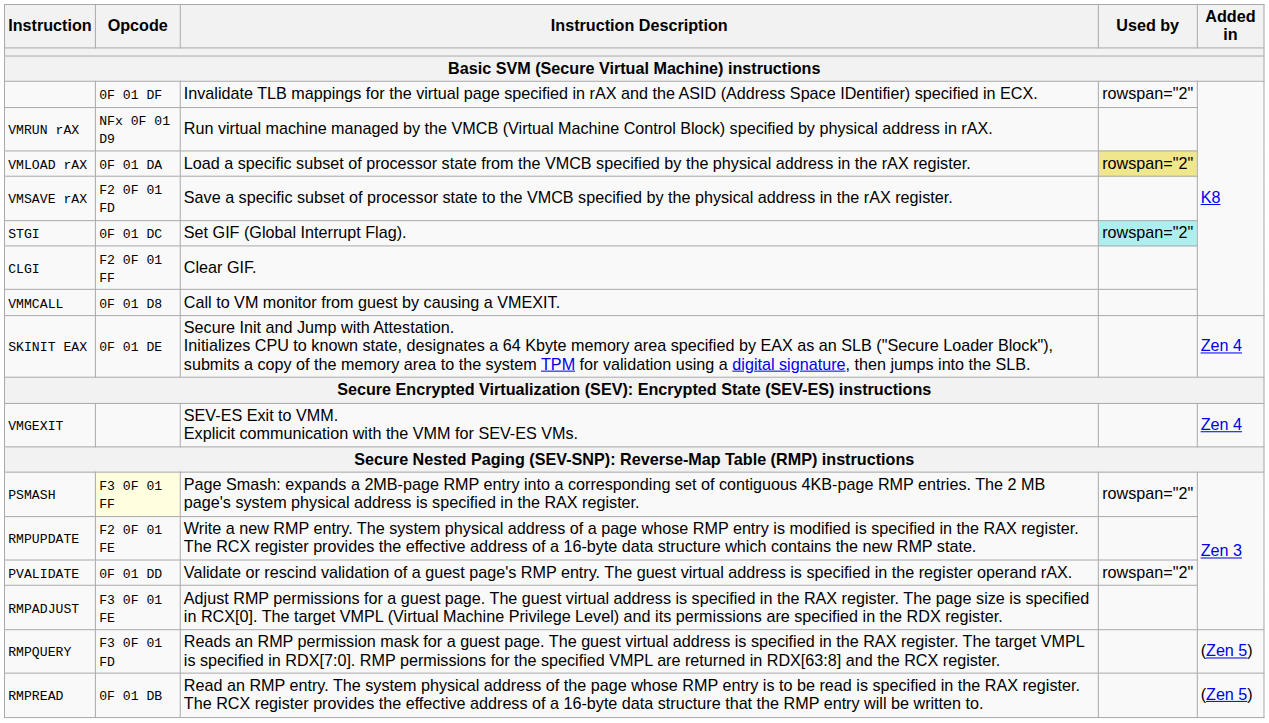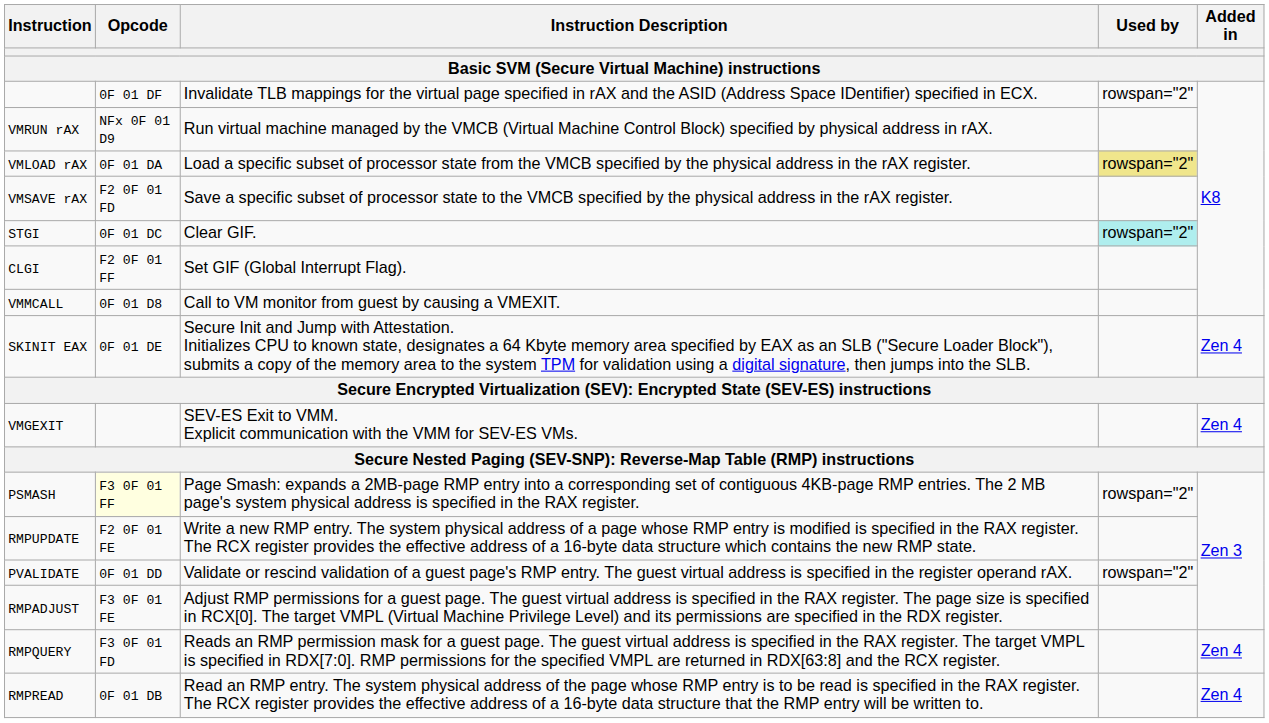 <table class="wikitable sortable">
 <tr>
 <th>Instruction</th>
 <th>Opcode</th>
 <th>Instruction Description</th>
 <th>Used by</th>
 <th>Added in</th>
 </tr>
 <tr>
 <th colspan="5"></th>
 </tr>
 <tr>
 <th colspan="5">Basic SVM (Secure Virtual Machine) instructions</th>
 </tr>
 <tr>
 <td></td>
 <td><code>0F 01 DF</code></td>
 <td>Invalidate TLB mappings for the virtual page specified in rAX and the ASID (Address Space IDentifier) specified in ECX.</td>
 <td>rowspan="2" </td>
 <td rowspan="7"><a href='#'>K8</a></td>
 </tr>
 <tr>
 <td><code>VMRUN rAX</code></td>
 <td><code>NFx 0F 01 D9</code></td>
 <td>Run virtual machine managed by the VMCB (Virtual Machine Control Block) specified by physical address in rAX.</td>
 </tr>
 <tr>
 <td><code>VMLOAD rAX</code></td>
 <td><code>0F 01 DA</code></td>
 <td>Load a specific subset of processor state from the VMCB specified by the physical address in the rAX register.</td>
 <td style="background: khaki;">rowspan="2" </td>
 </tr>
 <tr>
 <td><code>VMSAVE rAX</code></td>
 <td><code>F2 0F 01 FD</code></td>
 <td>Save a specific subset of processor state to the VMCB specified by the physical address in the rAX register.</td>
 </tr>
 <tr>
 <td><code>STGI</code></td>
 <td><code>0F 01 DC</code></td>
-<td>Set GIF (Global Interrupt Flag).</td>
+<td>Clear GIF.</td>
 <td style="background: paleturquoise;">rowspan="2" </td>
 </tr>
 <tr>
 <td><code>CLGI</code></td>
 <td><code>F2 0F 01 FF</code></td>
-<td>Clear GIF.</td>
+<td>Set GIF (Global Interrupt Flag).</td>
 </tr>
 <tr>
 <td><code>VMMCALL</code></td>
 <td><code>0F 01 D8</code></td>
 <td>Call to VM monitor from guest by causing a VMEXIT.</td>
 <td></td>
 </tr>
 <tr>
 <td><code>SKINIT EAX</code></td>
 <td><code>0F 01 DE</code></td>
 <td>Secure Init and Jump with Attestation.<br>Initializes CPU to known state, designates a 64 Kbyte memory area specified by EAX as an SLB ("Secure Loader Block"), submits a copy of the memory area to the system <a href='#'>TPM</a> for validation using a <a href='#'>digital signature</a>, then jumps into the SLB.</td>
 <td></td>
 <td><a href='#'>Zen 4</a></td>
 </tr>
 <tr>
 <th colspan="5">Secure Encrypted Virtualization (SEV): Encrypted State (SEV-ES) instructions</th>
 </tr>
 <tr>
 <td><code>VMGEXIT</code></td>
 <td></td>
 <td>SEV-ES Exit to VMM.<br>Explicit communication with the VMM for SEV-ES VMs.</td>
 <td></td>
 <td><a href='#'>Zen 4</a></td>
 </tr>
 <tr>
 <th colspan="5">Secure Nested Paging (SEV-SNP): Reverse-Map Table (RMP) instructions</th>
 </tr>
 <tr>
 <td><code>PSMASH</code></td>
 <td style="background: lightyellow;"><code>F3 0F 01 FF</code></td>
 <td>Page Smash: expands a 2MB-page RMP entry into a corresponding set of contiguous 4KB-page RMP entries. The 2 MB page's system physical address is specified in the RAX register.</td>
 <td>rowspan="2" </td>
 <td rowspan="4"><a href='#'>Zen 3</a></td>
 </tr>
 <tr>
 <td><code>RMPUPDATE</code></td>
 <td><code>F2 0F 01 FE</code></td>
 <td>Write a new RMP entry. The system physical address of a page whose RMP entry is modified is specified in the RAX register. The RCX register provides the effective address of a 16-byte data structure which contains the new RMP state.</td>
 </tr>
 <tr>
 <td><code>PVALIDATE</code></td>
 <td><code>0F 01 DD</code></td>
 <td>Validate or rescind validation of a guest page's RMP entry. The guest virtual address is specified in the register operand rAX.</td>
 <td>rowspan="2" </td>
 </tr>
 <tr>
 <td><code>RMPADJUST</code></td>
 <td><code>F3 0F 01 FE</code></td>
 <td>Adjust RMP permissions for a guest page. The guest virtual address is specified in the RAX register. The page size is specified in RCX[0]. The target VMPL (Virtual Machine Privilege Level) and its permissions are specified in the RDX register.</td>
 </tr>
 <tr>
 <td><code>RMPQUERY</code></td>
 <td><code>F3 0F 01 FD</code></td>
 <td>Reads an RMP permission mask for a guest page. The guest virtual address is specified in the RAX register. The target VMPL is specified in RDX[7:0]. RMP permissions for the specified VMPL are returned in RDX[63:8] and the RCX register.</td>
 <td></td>
-<td>(<a href='#'>Zen 5</a>)</td>
+<td><a href='#'>Zen 4</a></td>
 </tr>
 <tr>
 <td><code>RMPREAD</code></td>
 <td><code>0F 01 DB</code></td>
 <td>Read an RMP entry. The system physical address of the page whose RMP entry is to be read is specified in the RAX register. The RCX register provides the effective address of a 16-byte data structure that the RMP entry will be written to.</td>
 <td></td>
-<td>(<a href='#'>Zen 5</a>)</td>
+<td><a href='#'>Zen 4</a></td>
 </tr>
 </table>
